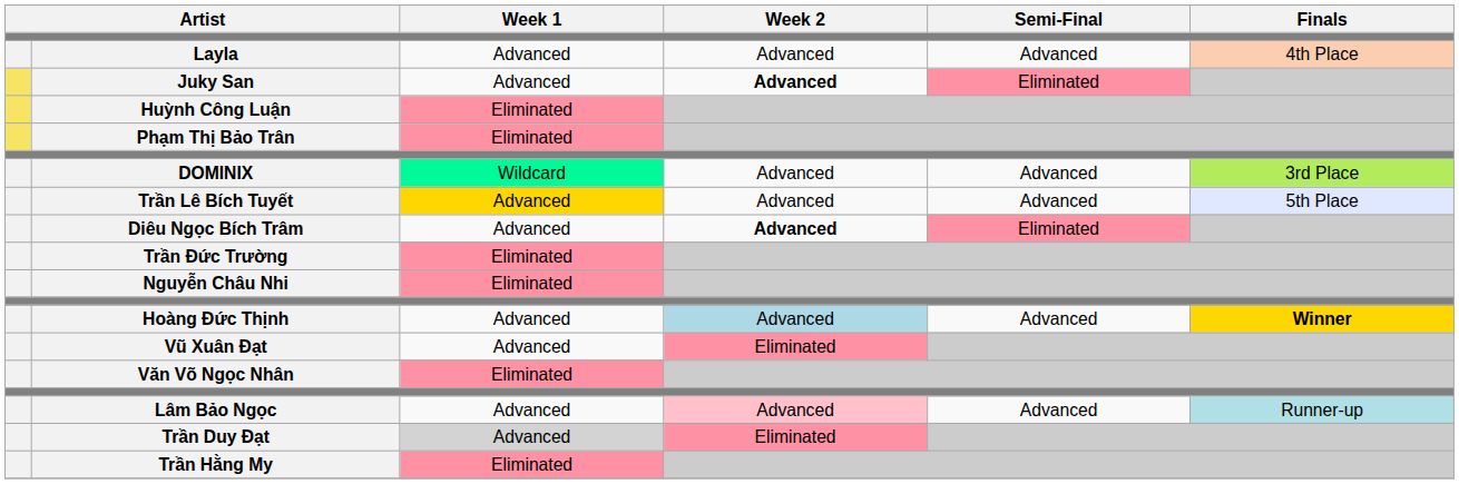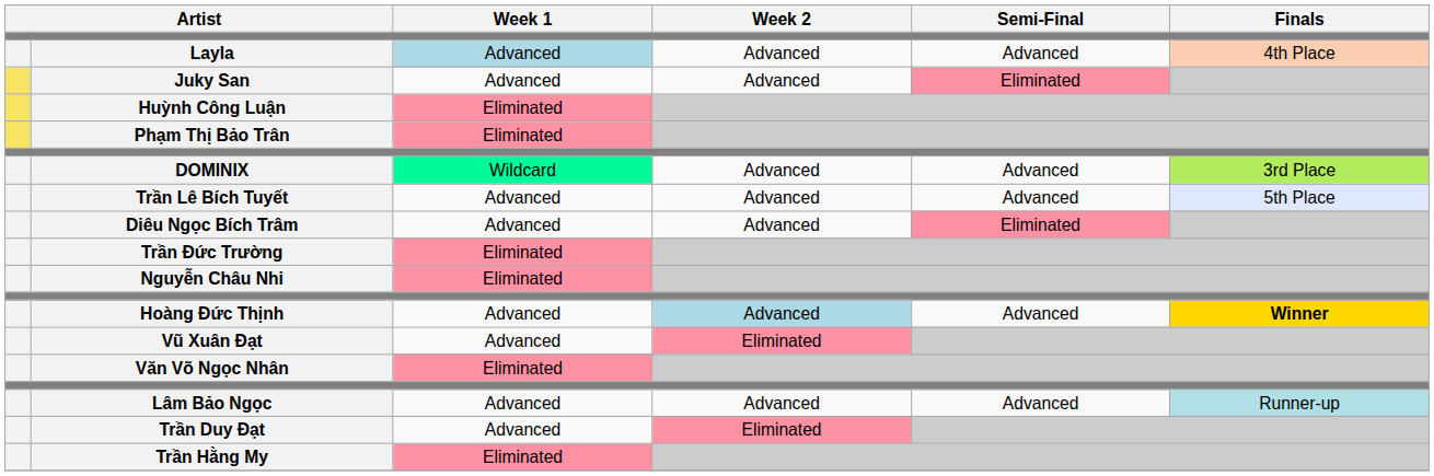 <table class="wikitable"  style="font-size:95%; text-align:center; width:100%;">
 <tr>
 </tr>
 <tr>
 <th style="width:15%;" colspan="2">Artist</th>
 <th style="width:10%;">Week 1</th>
 <th style="width:10%;">Week 2</th>
 <th style="width:10%;">Semi-Final</th>
 <th style="width:10%;">Finals</th>
 </tr>
 <tr>
 <th colspan="7" style="background:gray;"></th>
 </tr>
 <tr>
 <th style="width:1%;" style="background:#f7e463;"></th>
 <th>Layla</th>
-<td>Advanced</td>
+<td style="background: lightblue;">Advanced</td>
 <td>Advanced</td>
 <td>Advanced</td>
 <td style="background:#FBCEB1;">4th Place</td>
 </tr>
 <tr>
 <th style="background:#f7e463;"></th>
 <th>Juky San</th>
 <td>Advanced</td>
-<td><strong>Advanced</strong></td>
+<td>Advanced</td>
 <td style="background:#FF91A4;">Eliminated</td>
 <td style="background:#ccc;"></td>
 </tr>
 <tr>
 <th style="background:#f7e463;"></th>
 <th>Huỳnh Công Luận</th>
 <td style="background:#FF91A4;">Eliminated</td>
 <td colspan="3" style="background:#ccc;"></td>
 </tr>
 <tr>
 <th style="background:#f7e463;"></th>
 <th>Phạm Thị Bảo Trân</th>
 <td style="background:#FF91A4;">Eliminated</td>
 <td colspan="3" style="background:#ccc;"></td>
 </tr>
 <tr>
 <th colspan="7" style="background:gray;"></th>
 </tr>
 <tr>
 <th style="width:1%;" style="background:#ffdddd;"></th>
 <th>DOMINIX</th>
 <td style="background:#00FA9A;">Wildcard</td>
 <td>Advanced</td>
 <td>Advanced</td>
 <td style="background:#B2EC5D;">3rd Place</td>
 </tr>
 <tr>
 <th style="width:1%;" style="background:#ffdddd;"></th>
 <th>Trần Lê Bích Tuyết</th>
-<td style="background: gold;">Advanced</td>
+<td>Advanced</td>
 <td>Advanced</td>
 <td>Advanced</td>
 <td style="background:#E0E8FF;">5th Place</td>
 </tr>
 <tr>
 <th style="width:1%;" style="background:#ffdddd;"></th>
 <th>Diêu Ngọc Bích Trâm</th>
 <td>Advanced</td>
-<td><strong>Advanced</strong></td>
+<td>Advanced</td>
 <td style="background:#FF91A4;">Eliminated</td>
 <td style="background:#ccc;"></td>
 </tr>
 <tr>
 <th style="width:1%;" style="background:#ffdddd;"></th>
 <th>Trần Đức Trường</th>
 <td style="background:#FF91A4;">Eliminated</td>
 <td colspan="3" style="background:#ccc;"></td>
 </tr>
 <tr>
 <th style="width:1%;" style="background:#ffdddd;"></th>
 <th>Nguyễn Châu Nhi</th>
 <td style="background:#FF91A4;">Eliminated</td>
 <td colspan="3" style="background:#ccc;"></td>
 </tr>
 <tr>
 <th colspan="7" style="background:gray;"></th>
 </tr>
 <tr>
 <th style="width:1%;" style="background:turquoise;"></th>
 <th>Hoàng Đức Thịnh</th>
 <td>Advanced</td>
 <td style="background: lightblue;">Advanced</td>
 <td>Advanced</td>
 <td style="background:gold;"><strong>Winner</strong></td>
 </tr>
 <tr>
 <th style="width:1%;" style="background:turquoise;"></th>
 <th>Vũ Xuân Đạt</th>
 <td>Advanced</td>
 <td style="background:#FF91A4;">Eliminated</td>
 <td colspan="2" style="background:#ccc;"></td>
 </tr>
 <tr>
 <th style="width:1%;" style="background:turquoise;"></th>
 <th>Văn Võ Ngọc Nhân</th>
 <td style="background:#FF91A4;">Eliminated</td>
 <td colspan="3" style="background:#ccc;"></td>
 </tr>
 <tr>
 <th colspan="7" style="background:gray;"></th>
 </tr>
 <tr>
 <th style="width:1%;" style="background:#afeeee;"></th>
 <th>Lâm Bảo Ngọc</th>
 <td>Advanced</td>
-<td style="background: pink;">Advanced</td>
+<td>Advanced</td>
 <td>Advanced</td>
 <td style="background:#B0E0E6;">Runner-up</td>
 </tr>
 <tr>
 <th style="width:1%;" style="background:#afeeee;"></th>
 <th>Trần Duy Đạt</th>
-<td style="background: lightgrey;">Advanced</td>
+<td>Advanced</td>
 <td style="background:#FF91A4;">Eliminated</td>
 <td colspan="2" style="background:#ccc;"></td>
 </tr>
 <tr>
 <th style="width:1%;" style="background:#afeeee;"></th>
 <th>Trần Hằng My</th>
 <td style="background:#FF91A4;">Eliminated</td>
 <td colspan="3" style="background:#ccc;"></td>
 </tr>
 <tr>
 </tr>
 </table>
